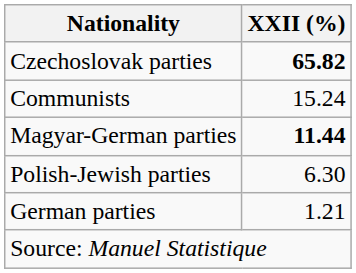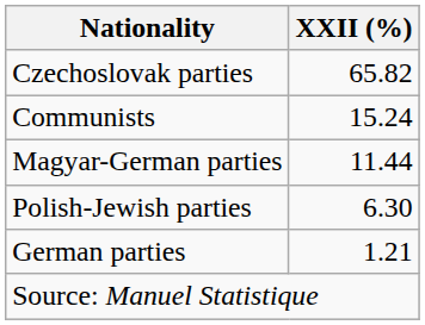 <table class=wikitable style=text-align:right>
 <tr>
 <th>Nationality</th>
 <th>XXII (%)</th>
 </tr>
 <tr>
 <td align=left>Czechoslovak parties</td>
-<td><strong>65.82</strong></td>
+<td>65.82</td>
 </tr>
 <tr>
 <td align=left>Communists</td>
 <td>15.24</td>
 </tr>
 <tr>
 <td align=left>Magyar-German parties</td>
-<td><strong>11.44</strong></td>
+<td>11.44</td>
 </tr>
 <tr>
 <td align=left>Polish-Jewish parties</td>
 <td>6.30</td>
 </tr>
 <tr>
 <td align=left>German parties</td>
 <td>1.21</td>
 </tr>
 <tr>
 <td align=left colspan=2>Source: <em>Manuel Statistique</em></td>
 </tr>
 </table>
